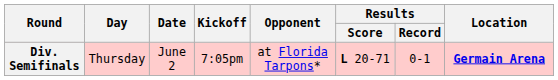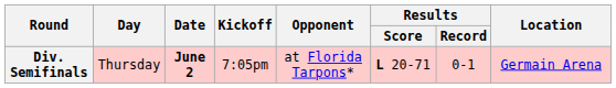 <table class="wikitable">
 <tr>
 <th rowspan="2" width="100">Round</th>
 <th rowspan="2" width="80">Day</th>
 <th rowspan="2" width="90">Date</th>
 <th rowspan="2" width="60">Kickoff</th>
 <th rowspan="2" width="190">Opponent</th>
 <th colspan="2" width="200">Results</th>
 <th rowspan="2" width="315">Location</th>
 </tr>
 <tr>
 <th width="140">Score</th>
 <th width="60">Record</th>
 </tr>
 <tr align="center" bgcolor="#FFCCCC">
 <th>Div. Semifinals</th>
 <td>Thursday</td>
-<td>June 2</td>
+<td><strong>June 2</strong></td>
 <td>7:05pm</td>
 <td>at <a href='#'>Florida Tarpons</a>*</td>
 <td><strong>L</strong> 20-71</td>
 <td>0-1</td>
-<td><strong><a href='#'>Germain Arena</a></strong></td>
+<td><a href='#'>Germain Arena</a></td>
 </tr>
 </table>
